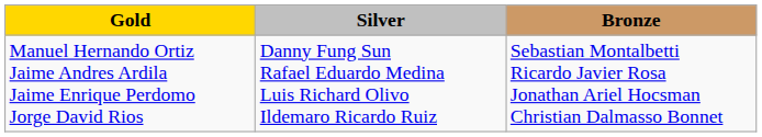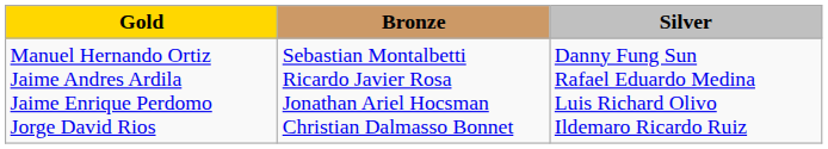 <table class="wikitable" style="text-align:left">
 <tr align="center">
 <td width=200 bgcolor=gold><strong>Gold</strong></td>
+<td width=200 bgcolor=CC9966><strong>Bronze</strong></td>
 <td width=200 bgcolor=silver><strong>Silver</strong></td>
-<td width=200 bgcolor=CC9966><strong>Bronze</strong></td>
 </tr>
 <tr>
 <td><a href='#'>Manuel Hernando Ortiz</a><br><a href='#'>Jaime Andres Ardila</a><br><a href='#'>Jaime Enrique Perdomo</a><br><a href='#'>Jorge David Rios</a><br><em></em></td>
+<td><a href='#'>Sebastian Montalbetti</a><br><a href='#'>Ricardo Javier Rosa</a><br><a href='#'>Jonathan Ariel Hocsman</a><br><a href='#'>Christian Dalmasso Bonnet</a><br><em></em></td>
 <td><a href='#'>Danny Fung Sun</a><br><a href='#'>Rafael Eduardo Medina</a><br><a href='#'>Luis Richard Olivo</a><br><a href='#'>Ildemaro Ricardo Ruiz</a><br><em></em></td>
-<td><a href='#'>Sebastian Montalbetti</a><br><a href='#'>Ricardo Javier Rosa</a><br><a href='#'>Jonathan Ariel Hocsman</a><br><a href='#'>Christian Dalmasso Bonnet</a><br><em></em></td>
 </tr>
 </table>
